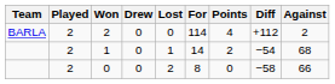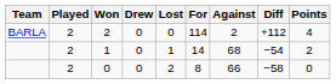 <table class="wikitable" style="text-align:center">
 <tr>
 <th>Team</th>
 <th>Played</th>
 <th>Won</th>
 <th>Drew</th>
 <th>Lost</th>
 <th>For</th>
+<th>Against</th>
+<th>Diff</th>
 <th>Points</th>
-<th>Diff</th>
-<th>Against</th>
 </tr>
 <tr>
 <td align=left> <a href='#'>BARLA</a></td>
 <td>2</td>
 <td>2</td>
 <td>0</td>
 <td>0</td>
 <td>114</td>
+<td>2</td>
+<td>+112</td>
 <td>4</td>
-<td>+112</td>
-<td>2</td>
 </tr>
 <tr>
 <td align=left></td>
 <td>2</td>
 <td>1</td>
 <td>0</td>
 <td>1</td>
 <td>14</td>
+<td>68</td>
+<td>−54</td>
 <td>2</td>
-<td>−54</td>
-<td>68</td>
 </tr>
 <tr>
 <td align=left></td>
 <td>2</td>
 <td>0</td>
 <td>0</td>
 <td>2</td>
 <td>8</td>
+<td>66</td>
+<td>−58</td>
 <td>0</td>
-<td>−58</td>
-<td>66</td>
 </tr>
 </table>
